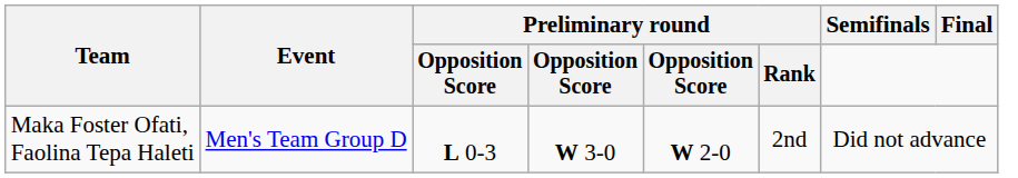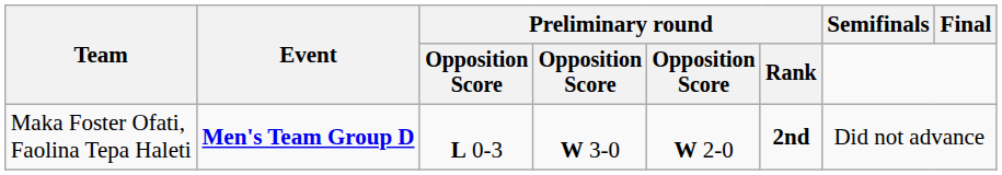 <table class=wikitable style=font-size:90%;text-align:center>
 <tr>
 <th rowspan=2>Team</th>
 <th rowspan=2>Event</th>
 <th colspan=4>Preliminary round</th>
 <th>Semifinals</th>
 <th colspan=2>Final</th>
 </tr>
 <tr style=font-size:95%>
 <th>Opposition<br>Score</th>
 <th>Opposition<br>Score</th>
 <th>Opposition<br>Score</th>
 <th>Rank</th>
 </tr>
 <tr>
 <td align=left>Maka Foster Ofati,<br>Faolina Tepa Haleti</td>
-<td align=left><a href='#'>Men's Team Group D</a></td>
+<td align=left><strong><a href='#'>Men's Team Group D</a></strong></td>
 <td><br> <strong>L</strong> 0-3</td>
 <td><br> <strong>W</strong> 3-0</td>
 <td><br> <strong>W</strong> 2-0</td>
-<td>2nd</td>
+<td><strong>2nd</strong></td>
 <td align=center colspan=3>Did not advance</td>
 </tr>
 </table>
